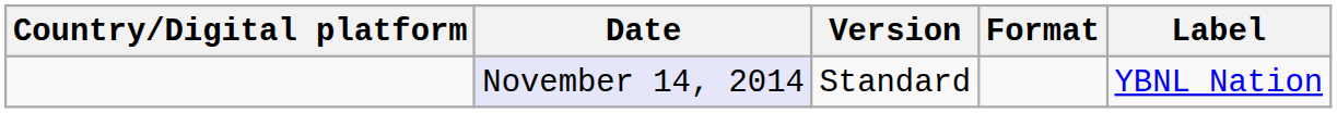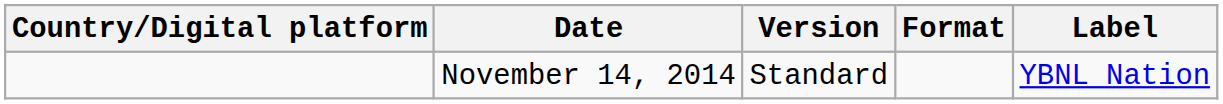 <table class="wikitable">
 <tr>
 <th>Country/Digital platform</th>
 <th>Date</th>
 <th>Version</th>
 <th>Format</th>
 <th>Label</th>
 </tr>
 <tr>
 <td></td>
-<td style="background: lavender;">November 14, 2014</td>
+<td>November 14, 2014</td>
 <td rowspan="2">Standard</td>
 <td></td>
 <td rowspan="2"><a href='#'>YBNL Nation</a></td>
 </tr>
 </table>
